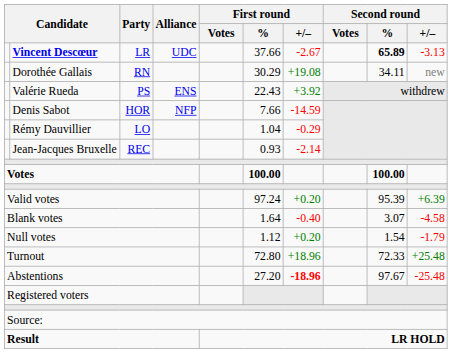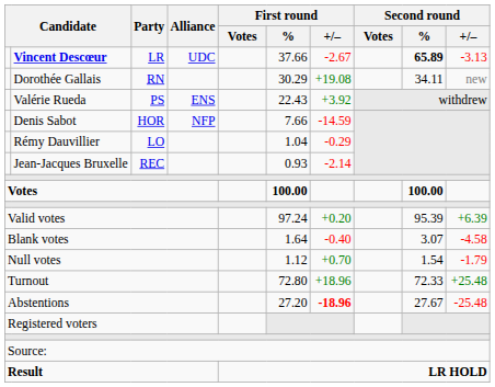 <table class="wikitable" style="text-align:right;font-size:95%;">
 <tr>
 <th rowspan="2" colspan="2">Candidate</th>
 <th colspan="1" rowspan="2">Party</th>
 <th colspan="1" rowspan="2">Alliance</th>
 <th colspan="3">First round</th>
 <th colspan="3">Second round</th>
 </tr>
 <tr>
 <th style="width:50px;">Votes</th>
 <th style="width:45px;">%</th>
 <th style="width:45px;">+/–</th>
 <th style="width:50px;">Votes</th>
 <th style="width:45px;">%</th>
 <th style="width:45px;">+/–</th>
 </tr>
 <tr>
 <td style="color:inherit;background:"></td>
 <td style="text-align:left;"><strong><a href='#'>Vincent Descœur</a></strong></td>
 <td><a href='#'>LR</a></td>
 <td><a href='#'>UDC</a></td>
 <td></td>
 <td>37.66</td>
 <td style="color:red;">-2.67</td>
 <td><strong></strong></td>
 <td><strong>65.89</strong></td>
 <td style="color:red;">-3.13</td>
 </tr>
 <tr>
 <td style="color:inherit;background:"></td>
 <td style="text-align:left;">Dorothée Gallais</td>
 <td><a href='#'>RN</a></td>
 <td></td>
 <td></td>
 <td>30.29</td>
 <td style="color:green;">+19.08</td>
 <td></td>
 <td>34.11</td>
 <td style="color:grey;">new</td>
 </tr>
 <tr>
 <td style="color:inherit;background:"></td>
 <td style="text-align:left;">Valérie Rueda</td>
 <td><a href='#'>PS</a></td>
 <td><a href='#'>ENS</a></td>
 <td></td>
 <td>22.43</td>
 <td style="color:green;">+3.92</td>
 <td colspan="3" style="background:#E9E9E9;">withdrew</td>
 </tr>
 <tr>
 <td style="color:inherit;background:"></td>
 <td style="text-align:left;">Denis Sabot</td>
 <td><a href='#'>HOR</a></td>
 <td><a href='#'>NFP</a></td>
 <td></td>
 <td>7.66</td>
 <td style="color:red;">-14.59</td>
 <td colspan="3" rowspan="3" style="background:#E9E9E9;"></td>
 </tr>
 <tr>
 <td style="color:inherit;background:"></td>
 <td style="text-align:left;">Rémy Dauvillier</td>
 <td><a href='#'>LO</a></td>
 <td></td>
 <td></td>
 <td>1.04</td>
 <td style="color:red;">-0.29</td>
 </tr>
 <tr>
 <td style="color:inherit;background:"></td>
 <td style="text-align:left;">Jean-Jacques Bruxelle</td>
 <td><a href='#'>REC</a></td>
 <td></td>
 <td></td>
 <td>0.93</td>
 <td style="color:red;">-2.14</td>
 </tr>
 <tr>
 <td colspan="10" style="background:#E9E9E9;"></td>
 </tr>
 <tr style="font-weight:bold;">
 <td colspan="4" style="text-align:left;">Votes</td>
 <td></td>
 <td>100.00</td>
 <td></td>
 <td></td>
 <td>100.00</td>
 <td></td>
 </tr>
 <tr>
 <td colspan="10" style="background:#E9E9E9;"></td>
 </tr>
 <tr>
 <td colspan="4" style="text-align:left;">Valid votes</td>
 <td></td>
 <td>97.24</td>
 <td style="color:green;">+0.20</td>
 <td></td>
 <td>95.39</td>
 <td style="color:green;">+6.39</td>
 </tr>
 <tr>
 <td colspan="4" style="text-align:left;">Blank votes</td>
 <td></td>
 <td>1.64</td>
 <td style="color:red;">-0.40</td>
 <td></td>
 <td>3.07</td>
 <td style="color:red;">-4.58</td>
 </tr>
 <tr>
 <td colspan="4" style="text-align:left;">Null votes</td>
 <td></td>
 <td>1.12</td>
-<td style="color:green;">+0.20</td>
+<td style="color:green;">+0.70</td>
 <td></td>
 <td>1.54</td>
 <td style="color:red;">-1.79</td>
 </tr>
 <tr>
 <td colspan="4" style="text-align:left;">Turnout</td>
 <td></td>
 <td>72.80</td>
 <td style="color:green;">+18.96</td>
 <td></td>
 <td>72.33</td>
 <td style="color:green;">+25.48</td>
 </tr>
 <tr>
 <td colspan="4" style="text-align:left;">Abstentions</td>
 <td></td>
 <td>27.20</td>
 <td style="color:red;"><strong>-18.96</strong></td>
 <td></td>
-<td>97.67</td>
+<td>27.67</td>
 <td style="color:red;">-25.48</td>
 </tr>
 <tr>
 <td colspan="4" style="text-align:left;">Registered voters</td>
 <td></td>
 <td colspan="2" style="background:#E9E9E9;"></td>
 <td></td>
 <td colspan="2" style="background:#E9E9E9;"></td>
 </tr>
 <tr>
 <td colspan="10" style="background:#E9E9E9;"></td>
 </tr>
 <tr>
 <td colspan="10" style="text-align:left;">Source: </td>
 </tr>
 <tr style="font-weight:bold">
 <td colspan="4" style="text-align:left;">Result</td>
 <td colspan="6" style="background-color:">LR HOLD</td>
 </tr>
 </table>
